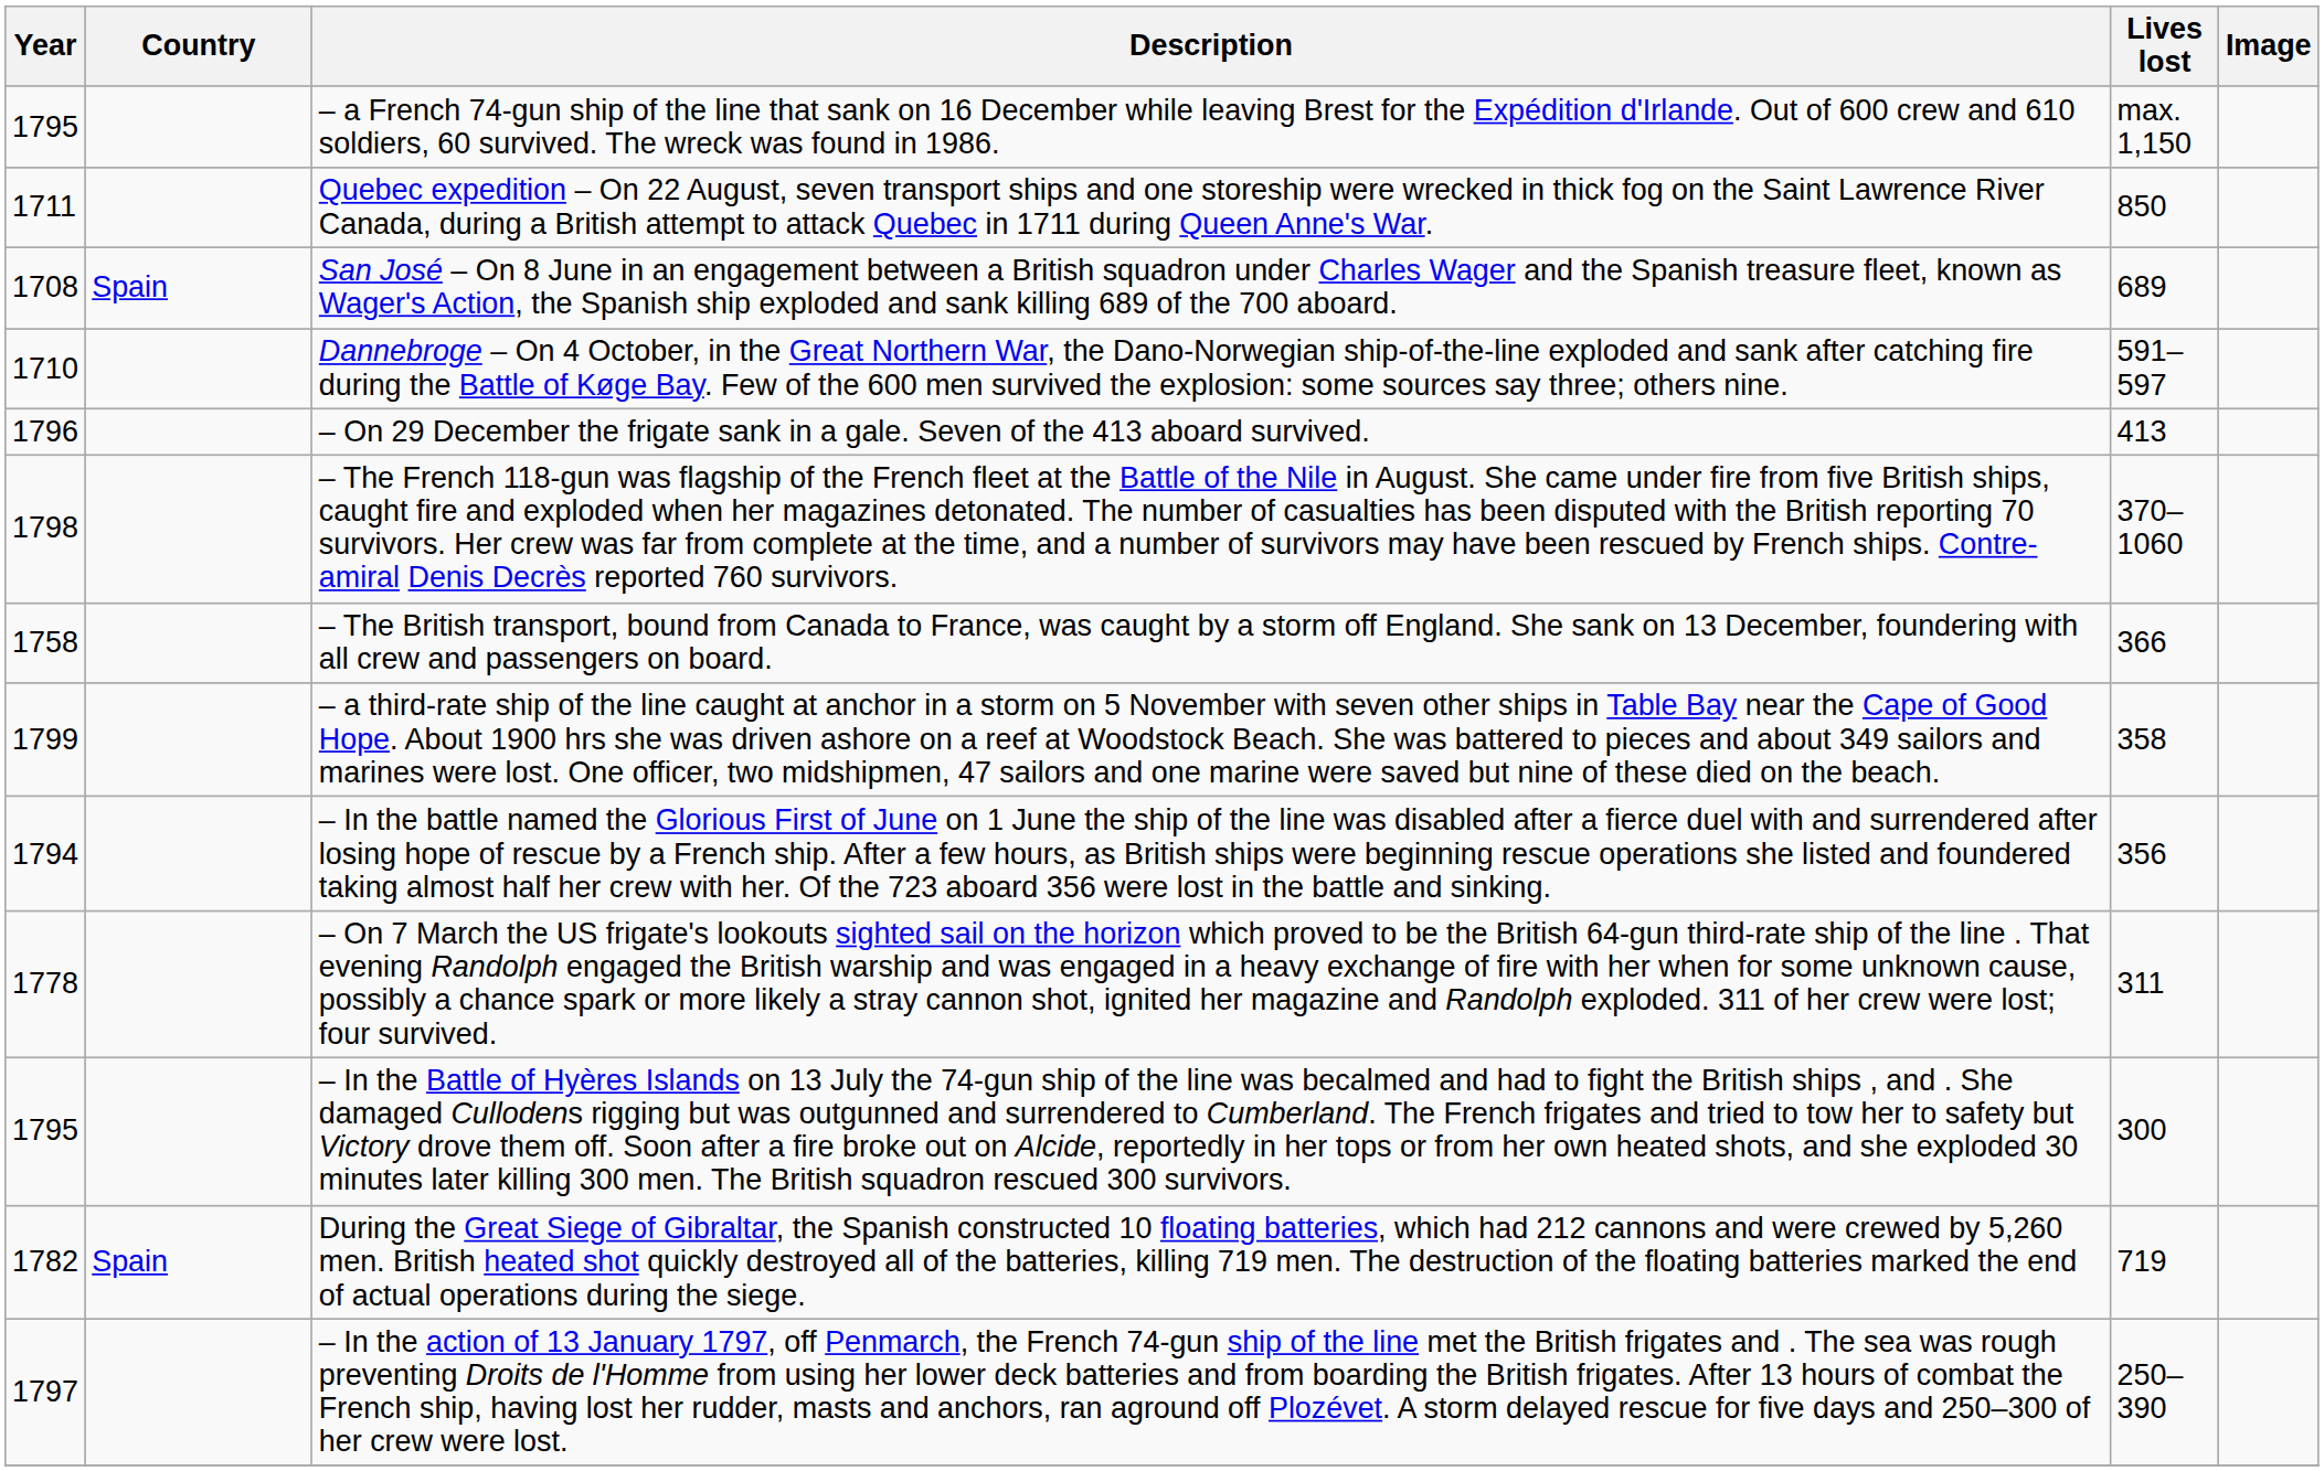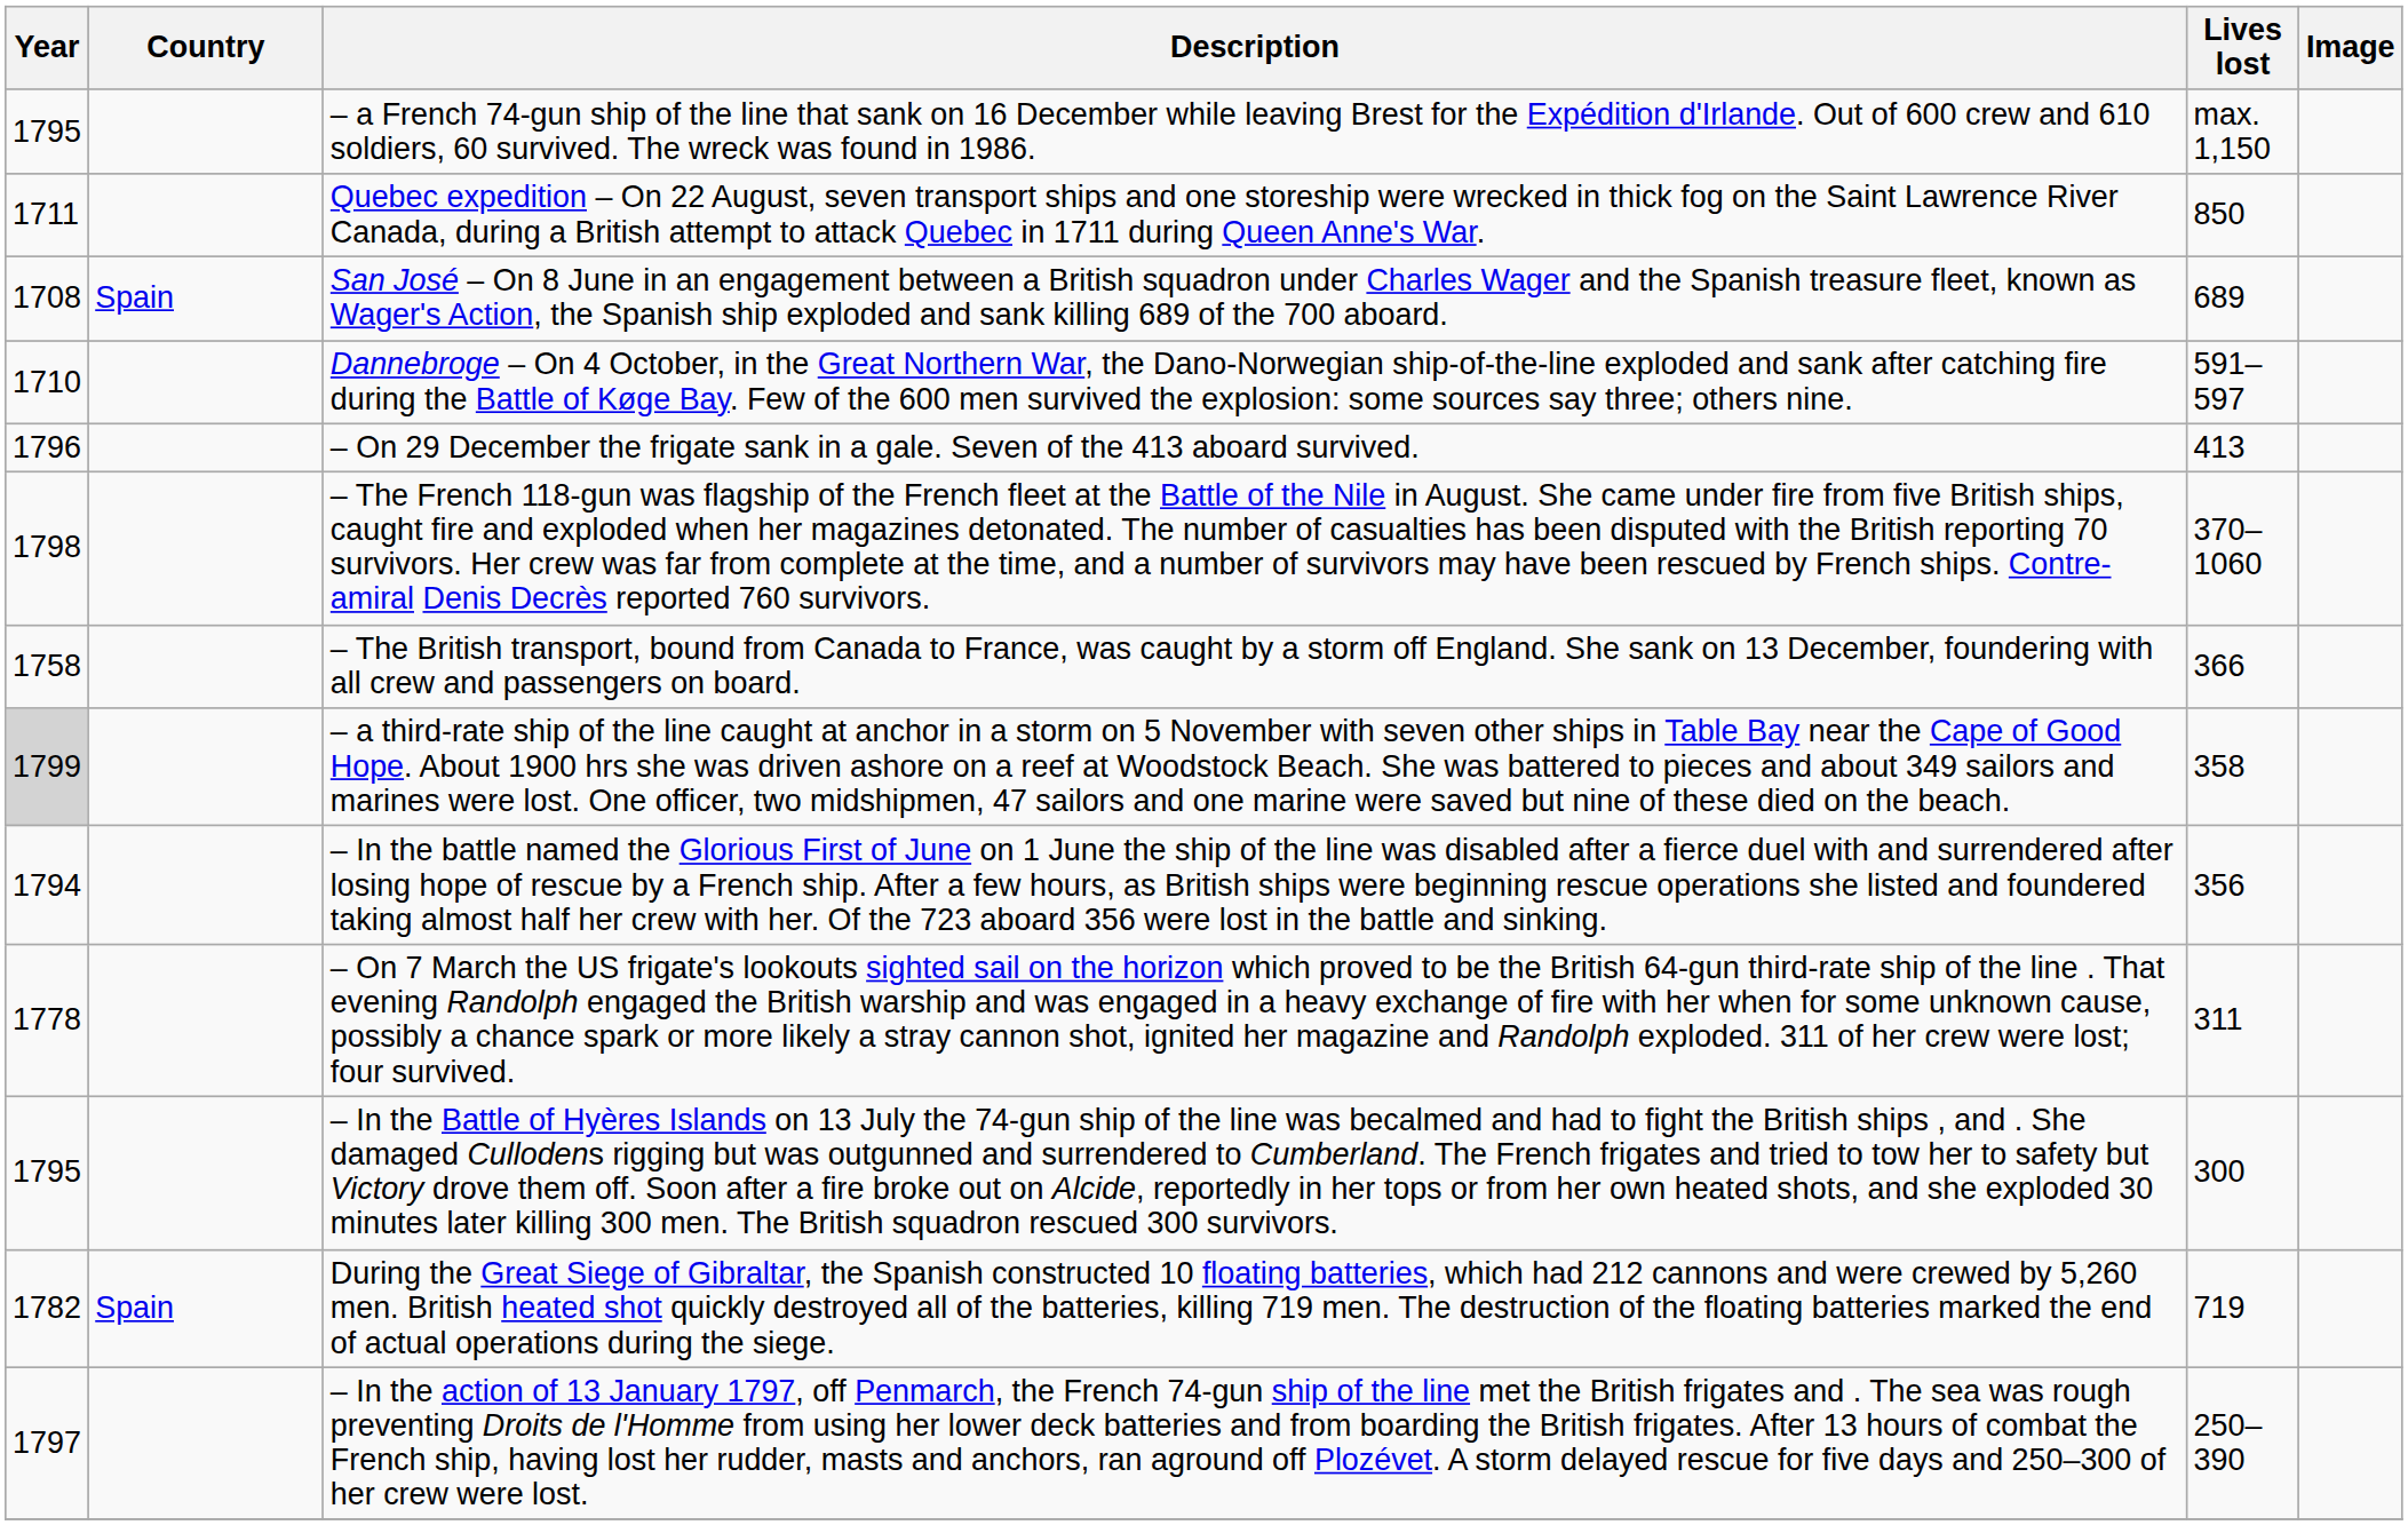 <table class="wikitable sortable" style="display: inline-table;">
 <tr>
 <th data-sort-type="number">Year</th>
 <th width=115px>Country</th>
 <th>Description</th>
 <th data-sort-type="number">Lives lost</th>
 <th class="unsortable">Image</th>
 </tr>
 <tr>
 <td>1795</td>
 <td></td>
 <td> – a French 74-gun ship of the line that sank on 16 December while leaving Brest for the <a href='#'>Expédition d'Irlande</a>. Out of 600 crew and 610 soldiers, 60 survived. The wreck was found in 1986.</td>
 <td>max. 1,150</td>
 <td></td>
 </tr>
 <tr>
 <td>1711</td>
 <td></td>
 <td><a href='#'>Quebec expedition</a> – On 22 August, seven transport ships and one storeship were wrecked in thick fog on the Saint Lawrence River Canada, during a British attempt to attack <a href='#'>Quebec</a> in 1711 during <a href='#'>Queen Anne's War</a>.</td>
 <td>850</td>
 <td></td>
 </tr>
 <tr>
 <td>1708</td>
 <td> <a href='#'>Spain</a></td>
 <td><em><a href='#'>San José</a></em> – On 8 June in an engagement between a British squadron under <a href='#'>Charles Wager</a> and the Spanish treasure fleet, known as <a href='#'>Wager's Action</a>, the Spanish ship exploded and sank killing 689 of the 700 aboard.</td>
 <td>689</td>
 <td></td>
 </tr>
 <tr>
 <td>1710</td>
 <td></td>
 <td><a href='#'><em>Dannebroge</em></a> – On 4 October, in the <a href='#'>Great Northern War</a>, the Dano-Norwegian ship-of-the-line exploded and sank after catching fire during the <a href='#'>Battle of Køge Bay</a>. Few of the 600 men survived the explosion: some sources say three; others nine.</td>
 <td>591–597</td>
 <td></td>
 </tr>
 <tr>
 <td>1796</td>
 <td></td>
 <td> – On 29 December the frigate sank in a gale. Seven of the 413 aboard survived.</td>
 <td>413</td>
 </tr>
 <tr>
 <td>1798</td>
 <td></td>
 <td> – The French 118-gun  was flagship of the French fleet at the <a href='#'>Battle of the Nile</a> in August. She came under fire from five British ships, caught fire and exploded when her magazines detonated. The number of casualties has been disputed with the British reporting 70 survivors. Her crew was far from complete at the time, and a number of survivors may have been rescued by French ships. <a href='#'>Contre-amiral</a> <a href='#'>Denis Decrès</a> reported 760 survivors.</td>
 <td>370–1060</td>
 <td></td>
 </tr>
 <tr>
 <td>1758</td>
 <td></td>
 <td> – The British transport, bound from Canada to France, was caught by a storm off England. She sank on 13 December, foundering with all crew and passengers on board.</td>
 <td>366</td>
 <td></td>
 </tr>
 <tr>
-<td>1799</td>
+<td style="background: lightgrey;">1799</td>
 <td></td>
 <td> – a third-rate ship of the line caught at anchor in a storm on 5 November with seven other ships in <a href='#'>Table Bay</a> near the <a href='#'>Cape of Good Hope</a>. About 1900 hrs she was driven ashore on a reef at Woodstock Beach. She was battered to pieces and about 349 sailors and marines were lost. One officer, two midshipmen, 47 sailors and one marine were saved but nine of these died on the beach.</td>
 <td>358</td>
 <td></td>
 </tr>
 <tr>
 <td>1794</td>
 <td></td>
 <td> – In the battle named the <a href='#'>Glorious First of June</a> on 1 June the ship of the line was disabled after a fierce duel with  and surrendered after losing hope of rescue by a French ship. After a few hours, as British ships were beginning rescue operations she listed and foundered taking almost half her crew with her. Of the 723 aboard 356 were lost in the battle and sinking.</td>
 <td>356</td>
 <td></td>
 </tr>
 <tr>
 <td>1778</td>
 <td></td>
 <td> – On 7 March the US frigate's lookouts <a href='#'>sighted sail on the horizon</a> which proved to be the British 64-gun third-rate ship of the line . That evening <em>Randolph</em> engaged the British warship and was engaged in a heavy exchange of fire with her when for some unknown cause, possibly a chance spark or more likely a stray cannon shot, ignited her magazine and <em>Randolph</em> exploded. 311 of her crew were lost; four survived.</td>
 <td>311</td>
 <td></td>
 </tr>
 <tr>
 <td>1795</td>
 <td></td>
 <td> – In the <a href='#'>Battle of Hyères Islands</a> on 13 July the 74-gun ship of the line was becalmed and had to fight the British ships ,  and . She damaged <em>Culloden</em>s rigging but was outgunned and surrendered to <em>Cumberland</em>. The French frigates  and  tried to tow her to safety but <em>Victory</em> drove them off. Soon after a fire broke out on <em>Alcide</em>, reportedly in her tops or from her own heated shots, and she exploded 30 minutes later killing 300 men. The British squadron rescued 300 survivors.</td>
 <td>300</td>
 </tr>
 <tr>
 <td>1782</td>
 <td> <a href='#'>Spain</a></td>
 <td>During the <a href='#'>Great Siege of Gibraltar</a>, the Spanish constructed 10 <a href='#'>floating batteries</a>, which had 212 cannons and were crewed by 5,260 men. British <a href='#'>heated shot</a> quickly destroyed all of the batteries, killing 719 men. The destruction of the floating batteries marked the end of actual operations during the siege.</td>
 <td>719</td>
 <td></td>
 </tr>
 <tr>
 <td>1797</td>
 <td></td>
 <td> – In the <a href='#'>action of 13 January 1797</a>, off <a href='#'>Penmarch</a>, the French 74-gun <a href='#'>ship of the line</a> met the British frigates  and . The sea was rough preventing <em>Droits de l'Homme</em> from using her lower deck batteries and from boarding the British frigates. After 13 hours of combat the French ship, having lost her rudder, masts and anchors, ran aground off <a href='#'>Plozévet</a>. A storm delayed rescue for five days and 250–300 of her crew were lost.</td>
 <td>250–390</td>
 <td></td>
 </tr>
 <tr>
 </tr>
 </table>
